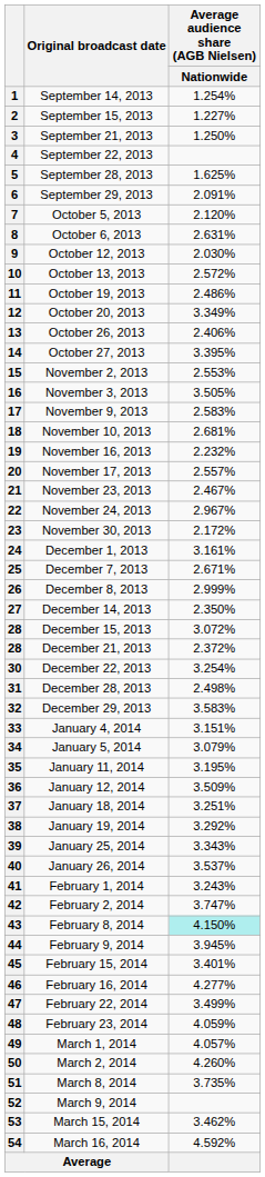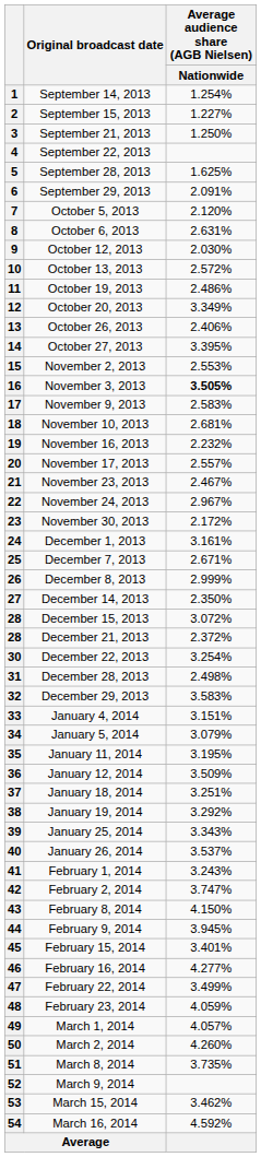 <table class="wikitable" style="text-align:center">
 <tr>
 <th rowspan="2"></th>
 <th rowspan="2">Original broadcast date</th>
 <th colspan="1">Average audience share<br>(AGB Nielsen)</th>
 </tr>
 <tr>
 <th width="110">Nationwide</th>
 </tr>
 <tr>
 <th>1</th>
 <td>September 14, 2013</td>
 <td>1.254%</td>
 </tr>
 <tr>
 <th>2</th>
 <td>September 15, 2013</td>
 <td>1.227%</td>
 </tr>
 <tr>
 <th>3</th>
 <td>September 21, 2013</td>
 <td>1.250%</td>
 </tr>
 <tr>
 <th>4</th>
 <td>September 22, 2013</td>
 <td></td>
 </tr>
 <tr>
 <th>5</th>
 <td>September 28, 2013</td>
 <td>1.625%</td>
 </tr>
 <tr>
 <th>6</th>
 <td>September 29, 2013</td>
 <td>2.091%</td>
 </tr>
 <tr>
 <th>7</th>
 <td>October 5, 2013</td>
 <td>2.120%</td>
 </tr>
 <tr>
 <th>8</th>
 <td>October 6, 2013</td>
 <td>2.631%</td>
 </tr>
 <tr>
 <th>9</th>
 <td>October 12, 2013</td>
 <td>2.030%</td>
 </tr>
 <tr>
 <th>10</th>
 <td>October 13, 2013</td>
 <td>2.572%</td>
 </tr>
 <tr>
 <th>11</th>
 <td>October 19, 2013</td>
 <td>2.486%</td>
 </tr>
 <tr>
 <th>12</th>
 <td>October 20, 2013</td>
 <td>3.349%</td>
 </tr>
 <tr>
 <th>13</th>
 <td>October 26, 2013</td>
 <td>2.406%</td>
 </tr>
 <tr>
 <th>14</th>
 <td>October 27, 2013</td>
 <td>3.395%</td>
 </tr>
 <tr>
 <th>15</th>
 <td>November 2, 2013</td>
 <td>2.553%</td>
 </tr>
 <tr>
 <th>16</th>
 <td>November 3, 2013</td>
-<td>3.505%</td>
+<td><strong>3.505%</strong></td>
 </tr>
 <tr>
 <th>17</th>
 <td>November 9, 2013</td>
 <td>2.583%</td>
 </tr>
 <tr>
 <th>18</th>
 <td>November 10, 2013</td>
 <td>2.681%</td>
 </tr>
 <tr>
 <th>19</th>
 <td>November 16, 2013</td>
 <td>2.232%</td>
 </tr>
 <tr>
 <th>20</th>
 <td>November 17, 2013</td>
 <td>2.557%</td>
 </tr>
 <tr>
 <th>21</th>
 <td>November 23, 2013</td>
 <td>2.467%</td>
 </tr>
 <tr>
 <th>22</th>
 <td>November 24, 2013</td>
 <td>2.967%</td>
 </tr>
 <tr>
 <th>23</th>
 <td>November 30, 2013</td>
 <td>2.172%</td>
 </tr>
 <tr>
 <th>24</th>
 <td>December 1, 2013</td>
 <td>3.161%</td>
 </tr>
 <tr>
 <th>25</th>
 <td>December 7, 2013</td>
 <td>2.671%</td>
 </tr>
 <tr>
 <th>26</th>
 <td>December 8, 2013</td>
 <td>2.999%</td>
 </tr>
 <tr>
 <th>27</th>
 <td>December 14, 2013</td>
 <td>2.350%</td>
 </tr>
 <tr>
 <th>28</th>
 <td>December 15, 2013</td>
 <td>3.072%</td>
 </tr>
 <tr>
 <th>28</th>
 <td>December 21, 2013</td>
 <td>2.372%</td>
 </tr>
 <tr>
 <th>30</th>
 <td>December 22, 2013</td>
 <td>3.254%</td>
 </tr>
 <tr>
 <th>31</th>
 <td>December 28, 2013</td>
 <td>2.498%</td>
 </tr>
 <tr>
 <th>32</th>
 <td>December 29, 2013</td>
 <td>3.583%</td>
 </tr>
 <tr>
 <th>33</th>
 <td>January 4, 2014</td>
 <td>3.151%</td>
 </tr>
 <tr>
 <th>34</th>
 <td>January 5, 2014</td>
 <td>3.079%</td>
 </tr>
 <tr>
 <th>35</th>
 <td>January 11, 2014</td>
 <td>3.195%</td>
 </tr>
 <tr>
 <th>36</th>
 <td>January 12, 2014</td>
 <td>3.509%</td>
 </tr>
 <tr>
 <th>37</th>
 <td>January 18, 2014</td>
 <td>3.251%</td>
 </tr>
 <tr>
 <th>38</th>
 <td>January 19, 2014</td>
 <td>3.292%</td>
 </tr>
 <tr>
 <th>39</th>
 <td>January 25, 2014</td>
 <td>3.343%</td>
 </tr>
 <tr>
 <th>40</th>
 <td>January 26, 2014</td>
 <td>3.537%</td>
 </tr>
 <tr>
 <th>41</th>
 <td>February 1, 2014</td>
 <td>3.243%</td>
 </tr>
 <tr>
 <th>42</th>
 <td>February 2, 2014</td>
 <td>3.747%</td>
 </tr>
 <tr>
 <th>43</th>
 <td>February 8, 2014</td>
-<td style="background: paleturquoise;">4.150%</td>
+<td>4.150%</td>
 </tr>
 <tr>
 <th>44</th>
 <td>February 9, 2014</td>
 <td>3.945%</td>
 </tr>
 <tr>
 <th>45</th>
 <td>February 15, 2014</td>
 <td>3.401%</td>
 </tr>
 <tr>
 <th>46</th>
 <td>February 16, 2014</td>
 <td>4.277%</td>
 </tr>
 <tr>
 <th>47</th>
 <td>February 22, 2014</td>
 <td>3.499%</td>
 </tr>
 <tr>
 <th>48</th>
 <td>February 23, 2014</td>
 <td>4.059%</td>
 </tr>
 <tr>
 <th>49</th>
 <td>March 1, 2014</td>
 <td>4.057%</td>
 </tr>
 <tr>
 <th>50</th>
 <td>March 2, 2014</td>
 <td>4.260%</td>
 </tr>
 <tr>
 <th>51</th>
 <td>March 8, 2014</td>
 <td>3.735%</td>
 </tr>
 <tr>
 <th>52</th>
 <td>March 9, 2014</td>
 <td></td>
 </tr>
 <tr>
 <th>53</th>
 <td>March 15, 2014</td>
 <td>3.462%</td>
 </tr>
 <tr>
 <th>54</th>
 <td>March 16, 2014</td>
 <td>4.592%</td>
 </tr>
 <tr>
 <th colspan="2">Average</th>
 <th></th>
 </tr>
 </table>
